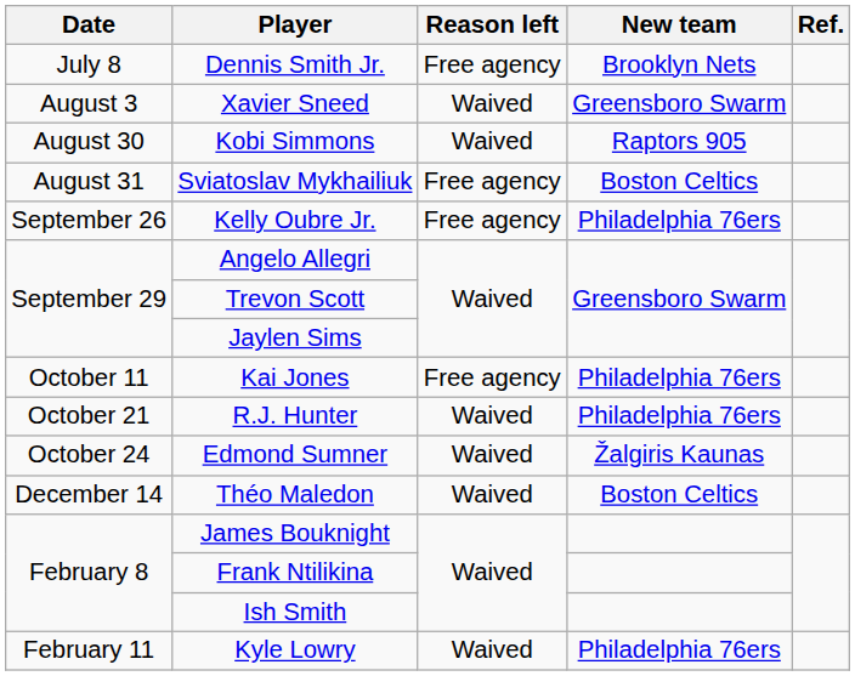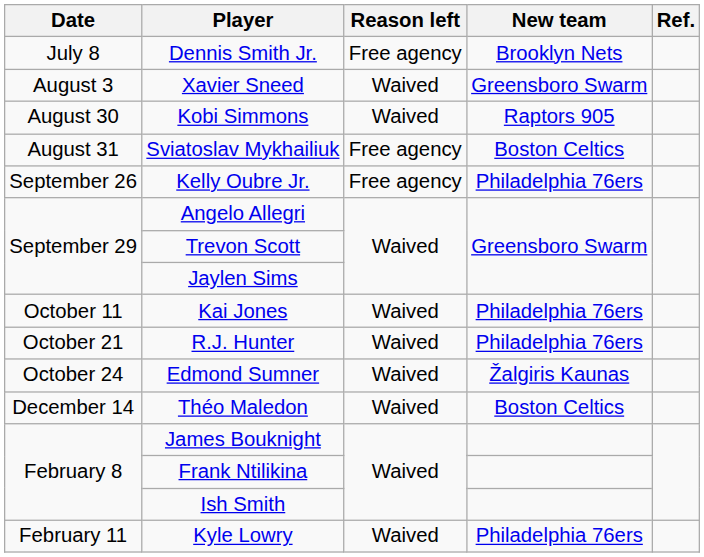 <table class="wikitable sortable sortable" style="text-align: center">
 <tr>
 <th>Date</th>
 <th>Player</th>
 <th>Reason left</th>
 <th>New team</th>
 <th>Ref.</th>
 </tr>
 <tr>
 <td>July 8</td>
 <td><a href='#'>Dennis Smith Jr.</a></td>
 <td>Free agency</td>
 <td><a href='#'>Brooklyn Nets</a></td>
 <td></td>
 </tr>
 <tr>
 <td>August 3</td>
 <td><a href='#'>Xavier Sneed</a></td>
 <td>Waived</td>
 <td><a href='#'>Greensboro Swarm</a></td>
 <td></td>
 </tr>
 <tr>
 <td>August 30</td>
 <td><a href='#'>Kobi Simmons</a></td>
 <td>Waived</td>
 <td><a href='#'>Raptors 905</a></td>
 <td></td>
 </tr>
 <tr>
 <td>August 31</td>
 <td><a href='#'>Sviatoslav Mykhailiuk</a></td>
 <td>Free agency</td>
 <td><a href='#'>Boston Celtics</a></td>
 <td></td>
 </tr>
 <tr>
 <td>September 26</td>
 <td><a href='#'>Kelly Oubre Jr.</a></td>
 <td>Free agency</td>
 <td><a href='#'>Philadelphia 76ers</a></td>
 <td></td>
 </tr>
 <tr>
 <td rowspan=3>September 29</td>
 <td><a href='#'>Angelo Allegri</a></td>
 <td rowspan=3>Waived</td>
 <td rowspan=3><a href='#'>Greensboro Swarm</a></td>
 <td rowspan=3></td>
 </tr>
 <tr>
 <td><a href='#'>Trevon Scott</a></td>
 </tr>
 <tr>
 <td><a href='#'>Jaylen Sims</a></td>
 </tr>
 <tr>
 <td>October 11</td>
 <td><a href='#'>Kai Jones</a></td>
-<td>Free agency</td>
+<td>Waived</td>
 <td><a href='#'>Philadelphia 76ers</a></td>
 <td></td>
 </tr>
 <tr>
 <td>October 21</td>
 <td><a href='#'>R.J. Hunter</a></td>
 <td>Waived</td>
 <td><a href='#'>Philadelphia 76ers</a></td>
 <td></td>
 </tr>
 <tr>
 <td>October 24</td>
 <td><a href='#'>Edmond Sumner</a></td>
 <td>Waived</td>
 <td><a href='#'>Žalgiris Kaunas</a></td>
 <td></td>
 </tr>
 <tr>
 <td>December 14</td>
 <td><a href='#'>Théo Maledon</a></td>
 <td>Waived</td>
 <td><a href='#'>Boston Celtics</a></td>
 <td></td>
 </tr>
 <tr>
 <td rowspan=3>February 8</td>
 <td><a href='#'>James Bouknight</a></td>
 <td rowspan=3>Waived</td>
 <td></td>
 <td rowspan=3></td>
 </tr>
 <tr>
 <td><a href='#'>Frank Ntilikina</a></td>
 <td></td>
 </tr>
 <tr>
 <td><a href='#'>Ish Smith</a></td>
 <td></td>
 </tr>
 <tr>
 <td>February 11</td>
 <td><a href='#'>Kyle Lowry</a></td>
 <td>Waived</td>
 <td><a href='#'>Philadelphia 76ers</a></td>
 <td></td>
 </tr>
 </table>
